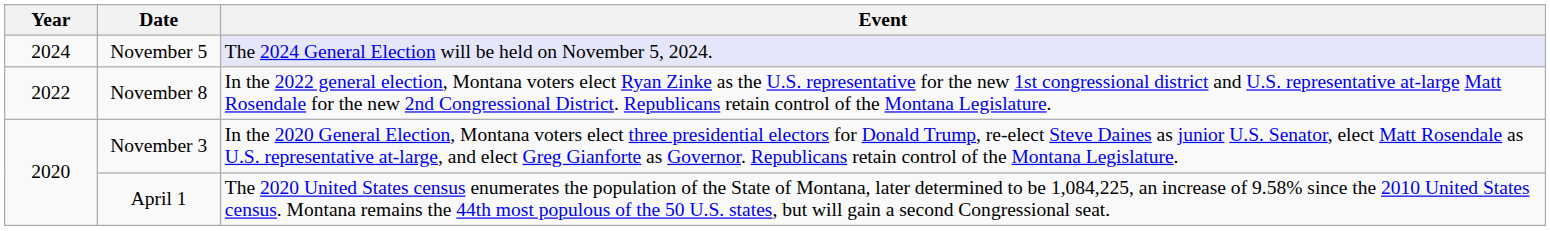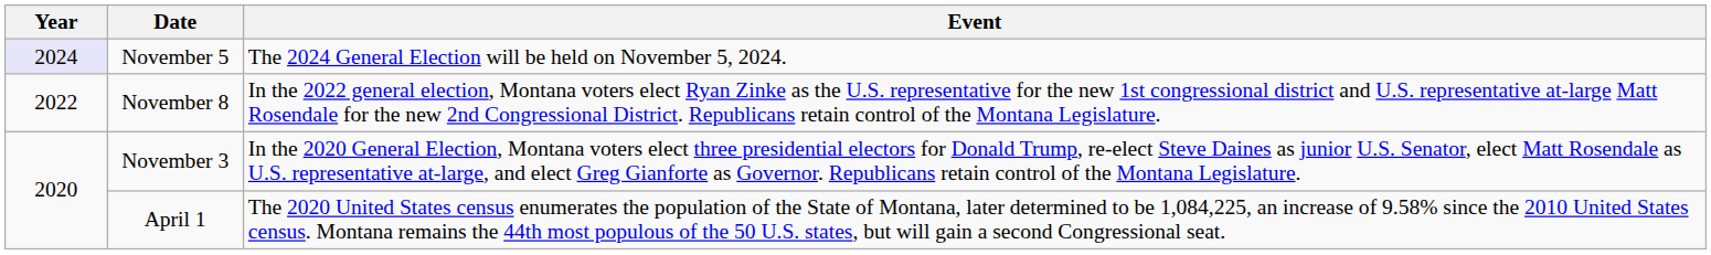 <table class="wikitable" style="width:100%;">
 <tr>
 <th style="width:6%">Year</th>
 <th style="width:8%">Date</th>
 <th style="width:86%">Event</th>
 </tr>
 <tr>
-<td align=center rowspan=1>2024</td>
+<td align=center rowspan=1 style="background: lavender;">2024</td>
 <td align=center>November 5</td>
-<td style="background: lavender;">The <a href='#'>2024 General Election</a> will be held on November 5, 2024.</td>
+<td>The <a href='#'>2024 General Election</a> will be held on November 5, 2024.</td>
 </tr>
 <tr>
 <td align=center rowspan=1>2022</td>
 <td align=center>November 8</td>
 <td>In the <a href='#'>2022 general election</a>, Montana voters elect <a href='#'>Ryan Zinke</a> as the <a href='#'>U.S. representative</a> for the new <a href='#'>1st congressional district</a> and <a href='#'>U.S. representative at-large</a> <a href='#'>Matt Rosendale</a> for the new <a href='#'>2nd Congressional District</a>. <a href='#'>Republicans</a> retain control of the <a href='#'>Montana Legislature</a>.</td>
 </tr>
 <tr>
 <td align=center rowspan=2>2020</td>
 <td align=center>November 3</td>
 <td>In the <a href='#'>2020 General Election</a>, Montana voters elect <a href='#'>three presidential electors</a> for <a href='#'>Donald Trump</a>, re-elect <a href='#'>Steve Daines</a> as <a href='#'>junior</a> <a href='#'>U.S. Senator</a>, elect <a href='#'>Matt Rosendale</a> as <a href='#'>U.S. representative at-large</a>, and elect <a href='#'>Greg Gianforte</a> as <a href='#'>Governor</a>. <a href='#'>Republicans</a> retain control of the <a href='#'>Montana Legislature</a>.</td>
 </tr>
 <tr>
 <td align=center>April 1</td>
 <td>The <a href='#'>2020 United States census</a> enumerates the population of the State of Montana, later determined to be 1,084,225, an increase of 9.58% since the <a href='#'>2010 United States census</a>. Montana remains the <a href='#'>44th most populous of the 50 U.S. states</a>, but will gain a second Congressional seat.</td>
 </tr>
 </table>
